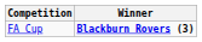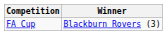 <table class="wikitable">
 <tr>
 <th>Competition</th>
 <th>Winner</th>
 </tr>
 <tr>
 <td><a href='#'>FA Cup</a></td>
-<td><strong><a href='#'>Blackburn Rovers</a> (3)</strong></td>
+<td><a href='#'>Blackburn Rovers</a> (3)</td>
 </tr>
 </table>
